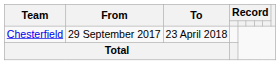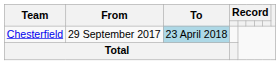 <table class=wikitable style="text-align: center">
 <tr>
 <th rowspan=2>Team</th>
 <th rowspan=2>From</th>
 <th rowspan=2>To</th>
 <th colspan=5>Record</th>
 <th rowspan=2></th>
 </tr>
 <tr>
 <th></th>
 <th></th>
 <th></th>
 <th></th>
 <th></th>
 </tr>
 <tr>
 <td align=left><a href='#'>Chesterfield</a></td>
 <td align=left>29 September 2017</td>
-<td align=left>23 April 2018<br></td>
+<td align=left style="background: lightblue;">23 April 2018<br></td>
 <td></td>
 </tr>
 <tr>
 <th colspan=3>Total<br></th>
 <th></th>
 </tr>
 </table>
